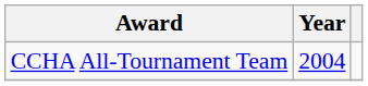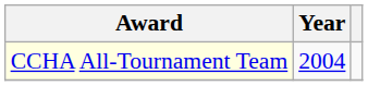 <table class="wikitable">
 <tr>
 <th>Award</th>
 <th>Year</th>
 <th></th>
 </tr>
 <tr>
-<td><a href='#'>CCHA</a> <a href='#'>All-Tournament Team</a></td>
+<td style="background: lightyellow;"><a href='#'>CCHA</a> <a href='#'>All-Tournament Team</a></td>
 <td><a href='#'>2004</a></td>
 <td></td>
 </tr>
 <tr>
 </tr>
 </table>
